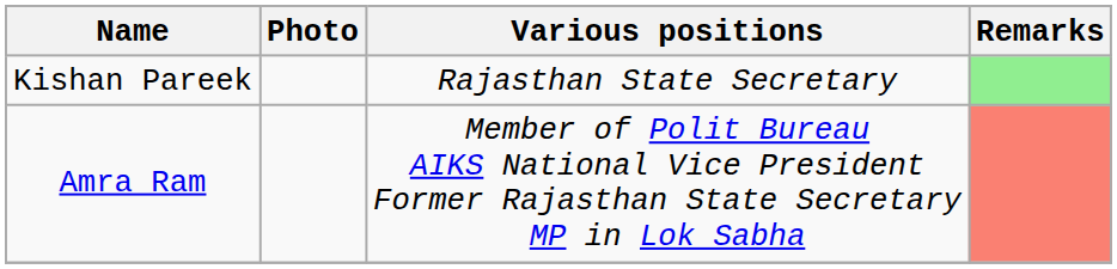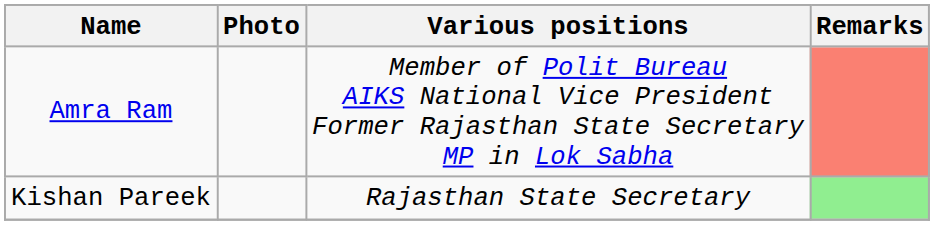 <table class="wikitable sortable" style="text-align:center">
 <tr>
 <th Style="background-color:">Name</th>
 <th Style="background-color:">Photo</th>
 <th Style="background-color:">Various positions</th>
 <th Style="background-color:">Remarks</th>
 </tr>
 <tr>
+<td><a href='#'>Amra Ram</a></td>
+<td></td>
+<td><em>Member of <a href='#'>Polit Bureau</a></em> <br><em><a href='#'>AIKS</a> National Vice President</em><br><em>Former Rajasthan State Secretary</em><br><em><a href='#'>MP</a> in <a href='#'>Lok Sabha</a></em></td>
+<td bgcolor = Salmon></td>
+</tr>
+<tr>
 <td>Kishan Pareek</td>
 <td></td>
 <td><em>Rajasthan State Secretary</em></td>
 <td bgcolor = LightGreen></td>
 </tr>
 <tr>
-<td><a href='#'>Amra Ram</a></td>
-<td></td>
-<td><em>Member of <a href='#'>Polit Bureau</a></em> <br><em><a href='#'>AIKS</a> National Vice President</em><br><em>Former Rajasthan State Secretary</em><br><em><a href='#'>MP</a> in <a href='#'>Lok Sabha</a></em></td>
-<td bgcolor = Salmon></td>
-</tr>
-<tr>
 </tr>
 </table>
